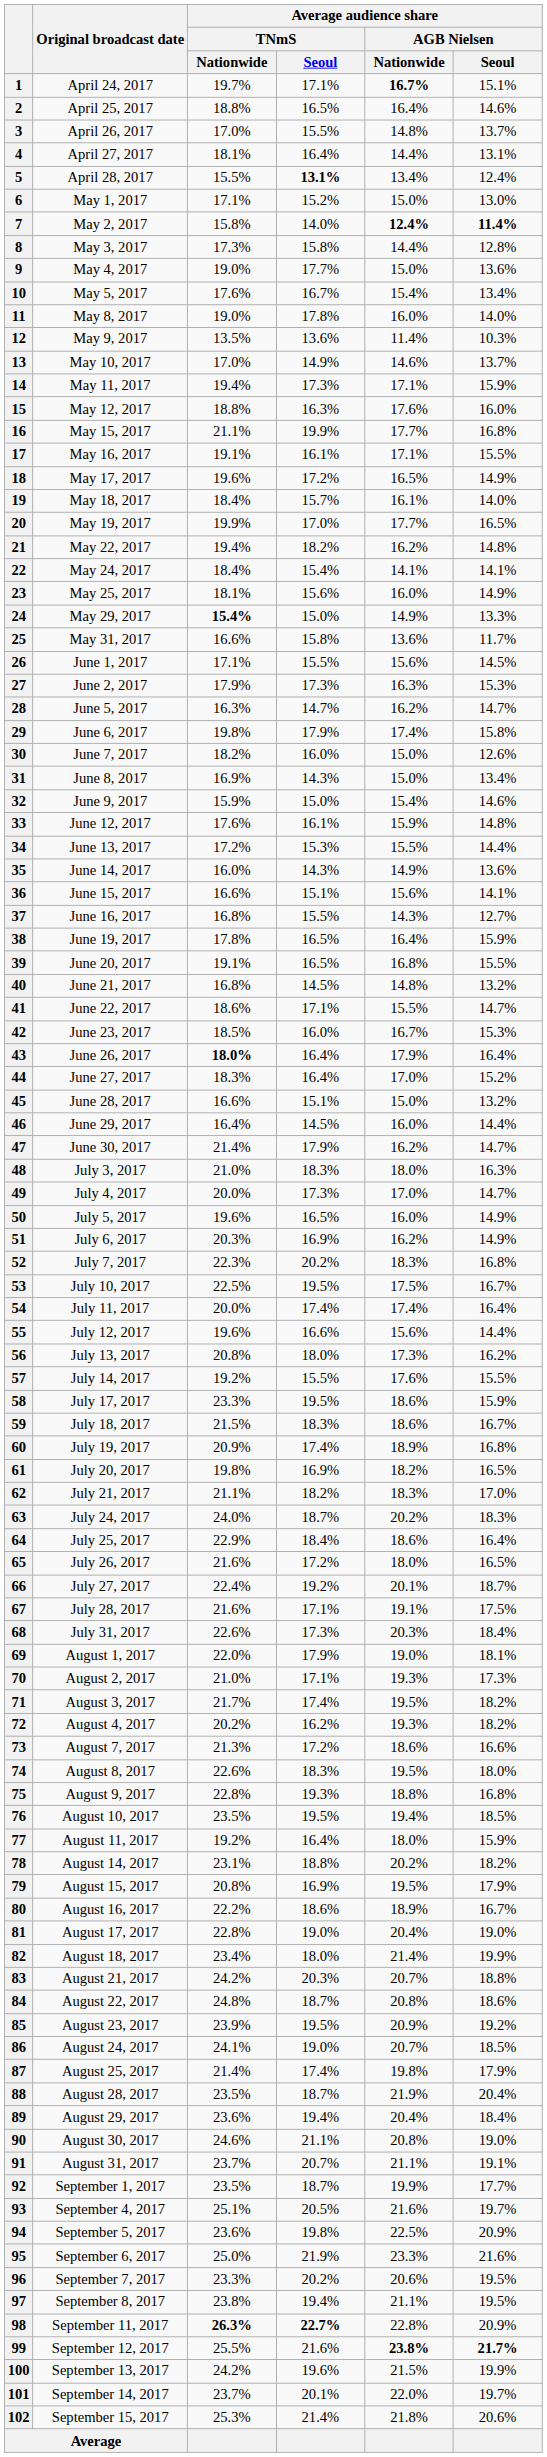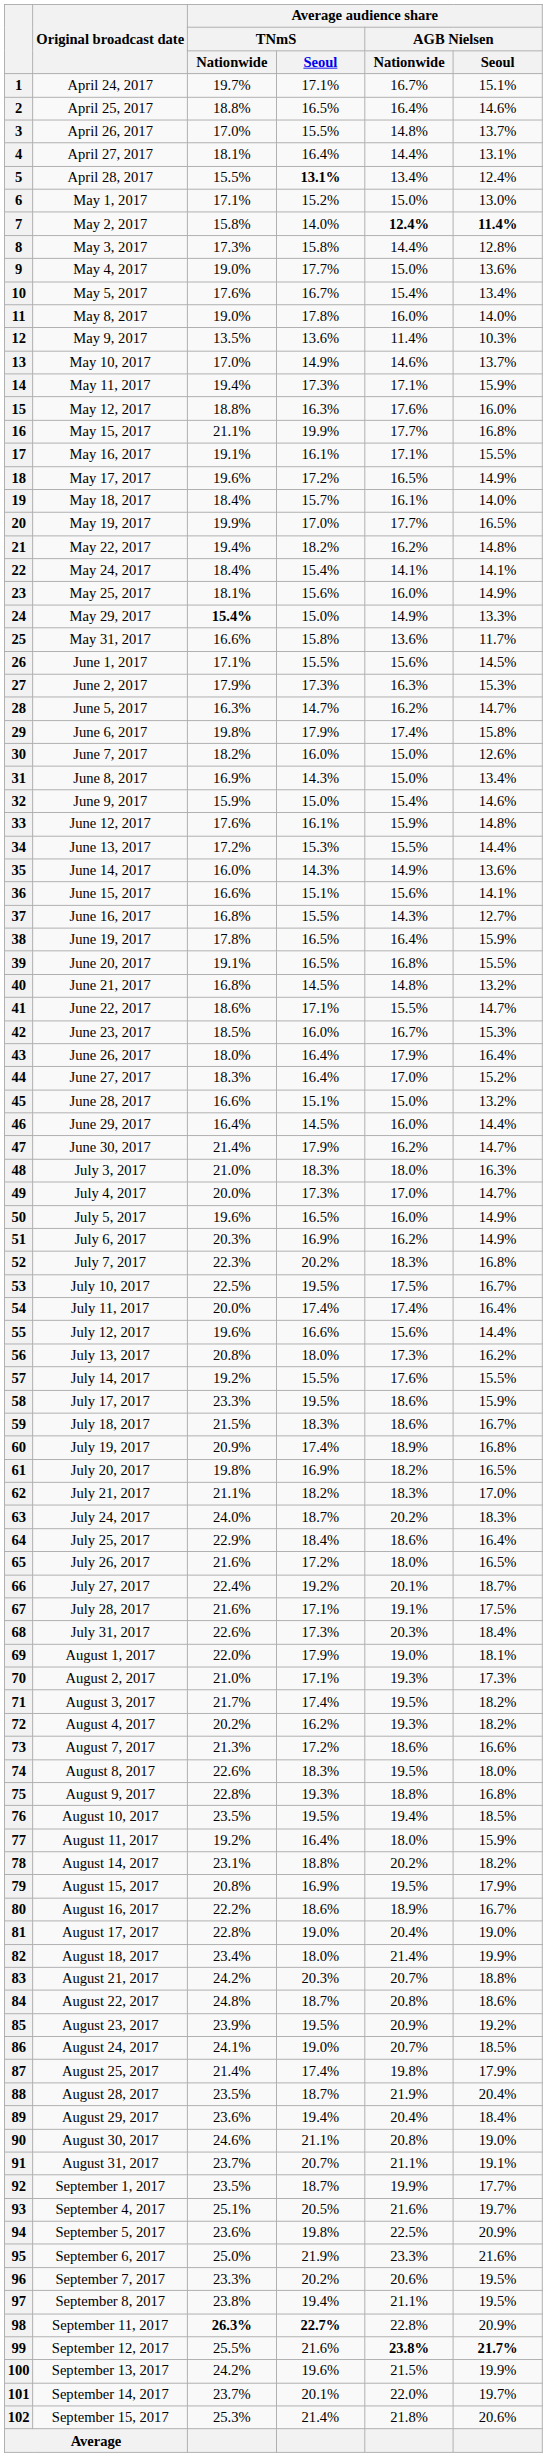 <table class="wikitable" style="text-align:center">
 <tr>
 <th rowspan="3"></th>
 <th rowspan="3">Original broadcast date</th>
 <th colspan="4">Average audience share</th>
 </tr>
 <tr>
 <th colspan="2">TNmS</th>
 <th colspan="2">AGB Nielsen</th>
 </tr>
 <tr>
 <th width=90>Nationwide</th>
 <th width=90><a href='#'>Seoul</a></th>
 <th width=90>Nationwide</th>
 <th width=90>Seoul</th>
 </tr>
 <tr>
 <th>1</th>
 <td>April 24, 2017</td>
 <td>19.7% </td>
 <td>17.1% </td>
-<td><strong>16.7% </strong></td>
+<td>16.7% </td>
 <td>15.1% </td>
 </tr>
 <tr>
 <th>2</th>
 <td>April 25, 2017</td>
 <td>18.8% </td>
 <td>16.5% </td>
 <td>16.4% </td>
 <td>14.6% </td>
 </tr>
 <tr>
 <th>3</th>
 <td>April 26, 2017</td>
 <td>17.0% </td>
 <td>15.5% </td>
 <td>14.8% </td>
 <td>13.7% </td>
 </tr>
 <tr>
 <th>4</th>
 <td>April 27, 2017</td>
 <td>18.1% </td>
 <td>16.4% </td>
 <td>14.4% </td>
 <td>13.1% </td>
 </tr>
 <tr>
 <th>5</th>
 <td>April 28, 2017</td>
 <td>15.5% </td>
 <td><strong><span>13.1%</span></strong> </td>
 <td>13.4% </td>
 <td>12.4% </td>
 </tr>
 <tr>
 <th>6</th>
 <td>May 1, 2017</td>
 <td>17.1% </td>
 <td>15.2% </td>
 <td>15.0% </td>
 <td>13.0% </td>
 </tr>
 <tr>
 <th>7</th>
 <td>May 2, 2017</td>
 <td>15.8% </td>
 <td>14.0% </td>
 <td><strong><span>12.4%</span></strong> </td>
 <td><strong><span>11.4%</span></strong> </td>
 </tr>
 <tr>
 <th>8</th>
 <td>May 3, 2017</td>
 <td>17.3% </td>
 <td>15.8% </td>
 <td>14.4% </td>
 <td>12.8% </td>
 </tr>
 <tr>
 <th>9</th>
 <td>May 4, 2017</td>
 <td>19.0% </td>
 <td>17.7% </td>
 <td>15.0% </td>
 <td>13.6% </td>
 </tr>
 <tr>
 <th>10</th>
 <td>May 5, 2017</td>
 <td>17.6% </td>
 <td>16.7% </td>
 <td>15.4% </td>
 <td>13.4% </td>
 </tr>
 <tr>
 <th>11</th>
 <td>May 8, 2017</td>
 <td>19.0% </td>
 <td>17.8% </td>
 <td>16.0% </td>
 <td>14.0% </td>
 </tr>
 <tr>
 <th>12</th>
 <td>May 9, 2017</td>
 <td>13.5% </td>
 <td>13.6% </td>
 <td>11.4% </td>
 <td>10.3% </td>
 </tr>
 <tr>
 <th>13</th>
 <td>May 10, 2017</td>
 <td>17.0% </td>
 <td>14.9% </td>
 <td>14.6% </td>
 <td>13.7% </td>
 </tr>
 <tr>
 <th>14</th>
 <td>May 11, 2017</td>
 <td>19.4% </td>
 <td>17.3% </td>
 <td>17.1% </td>
 <td>15.9% </td>
 </tr>
 <tr>
 <th>15</th>
 <td>May 12, 2017</td>
 <td>18.8% </td>
 <td>16.3% </td>
 <td>17.6% </td>
 <td>16.0% </td>
 </tr>
 <tr>
 <th>16</th>
 <td>May 15, 2017</td>
 <td>21.1% </td>
 <td>19.9% </td>
 <td>17.7% </td>
 <td>16.8% </td>
 </tr>
 <tr>
 <th>17</th>
 <td>May 16, 2017</td>
 <td>19.1% </td>
 <td>16.1% </td>
 <td>17.1% </td>
 <td>15.5% </td>
 </tr>
 <tr>
 <th>18</th>
 <td>May 17, 2017</td>
 <td>19.6% </td>
 <td>17.2% </td>
 <td>16.5% </td>
 <td>14.9% </td>
 </tr>
 <tr>
 <th>19</th>
 <td>May 18, 2017</td>
 <td>18.4% </td>
 <td>15.7% </td>
 <td>16.1% </td>
 <td>14.0% </td>
 </tr>
 <tr>
 <th>20</th>
 <td>May 19, 2017</td>
 <td>19.9% </td>
 <td>17.0% </td>
 <td>17.7% </td>
 <td>16.5% </td>
 </tr>
 <tr>
 <th>21</th>
 <td>May 22, 2017</td>
 <td>19.4% </td>
 <td>18.2% </td>
 <td>16.2% </td>
 <td>14.8% </td>
 </tr>
 <tr>
 <th>22</th>
 <td>May 24, 2017</td>
 <td>18.4% </td>
 <td>15.4% </td>
 <td>14.1% </td>
 <td>14.1% </td>
 </tr>
 <tr>
 <th>23</th>
 <td>May 25, 2017</td>
 <td>18.1% </td>
 <td>15.6% </td>
 <td>16.0% </td>
 <td>14.9% </td>
 </tr>
 <tr>
 <th>24</th>
 <td>May 29, 2017</td>
 <td><strong><span>15.4%</span></strong> </td>
 <td>15.0% </td>
 <td>14.9% </td>
 <td>13.3% </td>
 </tr>
 <tr>
 <th>25</th>
 <td>May 31, 2017</td>
 <td>16.6% </td>
 <td>15.8% </td>
 <td>13.6% </td>
 <td>11.7% </td>
 </tr>
 <tr>
 <th>26</th>
 <td>June 1, 2017</td>
 <td>17.1% </td>
 <td>15.5% </td>
 <td>15.6% </td>
 <td>14.5% </td>
 </tr>
 <tr>
 <th>27</th>
 <td>June 2, 2017</td>
 <td>17.9% </td>
 <td>17.3% </td>
 <td>16.3% </td>
 <td>15.3% </td>
 </tr>
 <tr>
 <th>28</th>
 <td>June 5, 2017</td>
 <td>16.3% </td>
 <td>14.7% </td>
 <td>16.2% </td>
 <td>14.7% </td>
 </tr>
 <tr>
 <th>29</th>
 <td>June 6, 2017</td>
 <td>19.8% </td>
 <td>17.9% </td>
 <td>17.4% </td>
 <td>15.8% </td>
 </tr>
 <tr>
 <th>30</th>
 <td>June 7, 2017</td>
 <td>18.2% </td>
 <td>16.0% </td>
 <td>15.0% </td>
 <td>12.6% </td>
 </tr>
 <tr>
 <th>31</th>
 <td>June 8, 2017</td>
 <td>16.9% </td>
 <td>14.3% </td>
 <td>15.0% </td>
 <td>13.4% </td>
 </tr>
 <tr>
 <th>32</th>
 <td>June 9, 2017</td>
 <td>15.9% </td>
 <td>15.0% </td>
 <td>15.4% </td>
 <td>14.6% </td>
 </tr>
 <tr>
 <th>33</th>
 <td>June 12, 2017</td>
 <td>17.6% </td>
 <td>16.1% </td>
 <td>15.9% </td>
 <td>14.8% </td>
 </tr>
 <tr>
 <th>34</th>
 <td>June 13, 2017</td>
 <td>17.2% </td>
 <td>15.3% </td>
 <td>15.5% </td>
 <td>14.4% </td>
 </tr>
 <tr>
 <th>35</th>
 <td>June 14, 2017</td>
 <td>16.0% </td>
 <td>14.3% </td>
 <td>14.9% </td>
 <td>13.6% </td>
 </tr>
 <tr>
 <th>36</th>
 <td>June 15, 2017</td>
 <td>16.6% </td>
 <td>15.1% </td>
 <td>15.6% </td>
 <td>14.1% </td>
 </tr>
 <tr>
 <th>37</th>
 <td>June 16, 2017</td>
 <td>16.8% </td>
 <td>15.5% </td>
 <td>14.3% </td>
 <td>12.7% </td>
 </tr>
 <tr>
 <th>38</th>
 <td>June 19, 2017</td>
 <td>17.8% </td>
 <td>16.5% </td>
 <td>16.4% </td>
 <td>15.9% </td>
 </tr>
 <tr>
 <th>39</th>
 <td>June 20, 2017</td>
 <td>19.1% </td>
 <td>16.5% </td>
 <td>16.8% </td>
 <td>15.5% </td>
 </tr>
 <tr>
 <th>40</th>
 <td>June 21, 2017</td>
 <td>16.8% </td>
 <td>14.5% </td>
 <td>14.8% </td>
 <td>13.2% </td>
 </tr>
 <tr>
 <th>41</th>
 <td>June 22, 2017</td>
 <td>18.6% </td>
 <td>17.1% </td>
 <td>15.5% </td>
 <td>14.7% </td>
 </tr>
 <tr>
 <th>42</th>
 <td>June 23, 2017</td>
 <td>18.5% </td>
 <td>16.0% </td>
 <td>16.7% </td>
 <td>15.3% </td>
 </tr>
 <tr>
 <th>43</th>
 <td>June 26, 2017</td>
-<td><strong>18.0% </strong></td>
+<td>18.0% </td>
 <td>16.4% </td>
 <td>17.9% </td>
 <td>16.4% </td>
 </tr>
 <tr>
 <th>44</th>
 <td>June 27, 2017</td>
 <td>18.3% </td>
 <td>16.4% </td>
 <td>17.0% </td>
 <td>15.2% </td>
 </tr>
 <tr>
 <th>45</th>
 <td>June 28, 2017</td>
 <td>16.6% </td>
 <td>15.1% </td>
 <td>15.0% </td>
 <td>13.2% </td>
 </tr>
 <tr>
 <th>46</th>
 <td>June 29, 2017</td>
 <td>16.4% </td>
 <td>14.5% </td>
 <td>16.0% </td>
 <td>14.4% </td>
 </tr>
 <tr>
 <th>47</th>
 <td>June 30, 2017</td>
 <td>21.4% </td>
 <td>17.9% </td>
 <td>16.2% </td>
 <td>14.7% </td>
 </tr>
 <tr>
 <th>48</th>
 <td>July 3, 2017</td>
 <td>21.0% </td>
 <td>18.3% </td>
 <td>18.0% </td>
 <td>16.3% </td>
 </tr>
 <tr>
 <th>49</th>
 <td>July 4, 2017</td>
 <td>20.0% </td>
 <td>17.3% </td>
 <td>17.0% </td>
 <td>14.7% </td>
 </tr>
 <tr>
 <th>50</th>
 <td>July 5, 2017</td>
 <td>19.6% </td>
 <td>16.5% </td>
 <td>16.0% </td>
 <td>14.9% </td>
 </tr>
 <tr>
 <th>51</th>
 <td>July 6, 2017</td>
 <td>20.3% </td>
 <td>16.9% </td>
 <td>16.2% </td>
 <td>14.9% </td>
 </tr>
 <tr>
 <th>52</th>
 <td>July 7, 2017</td>
 <td>22.3% </td>
 <td>20.2% </td>
 <td>18.3% </td>
 <td>16.8% </td>
 </tr>
 <tr>
 <th>53</th>
 <td>July 10, 2017</td>
 <td>22.5% </td>
 <td>19.5% </td>
 <td>17.5% </td>
 <td>16.7% </td>
 </tr>
 <tr>
 <th>54</th>
 <td>July 11, 2017</td>
 <td>20.0% </td>
 <td>17.4% </td>
 <td>17.4% </td>
 <td>16.4% </td>
 </tr>
 <tr>
 <th>55</th>
 <td>July 12, 2017</td>
 <td>19.6% </td>
 <td>16.6% </td>
 <td>15.6% </td>
 <td>14.4% </td>
 </tr>
 <tr>
 <th>56</th>
 <td>July 13, 2017</td>
 <td>20.8% </td>
 <td>18.0% </td>
 <td>17.3% </td>
 <td>16.2% </td>
 </tr>
 <tr>
 <th>57</th>
 <td>July 14, 2017</td>
 <td>19.2% </td>
 <td>15.5% </td>
 <td>17.6% </td>
 <td>15.5% </td>
 </tr>
 <tr>
 <th>58</th>
 <td>July 17, 2017</td>
 <td>23.3% </td>
 <td>19.5% </td>
 <td>18.6% </td>
 <td>15.9% </td>
 </tr>
 <tr>
 <th>59</th>
 <td>July 18, 2017</td>
 <td>21.5% </td>
 <td>18.3% </td>
 <td>18.6% </td>
 <td>16.7% </td>
 </tr>
 <tr>
 <th>60</th>
 <td>July 19, 2017</td>
 <td>20.9% </td>
 <td>17.4% </td>
 <td>18.9% </td>
 <td>16.8% </td>
 </tr>
 <tr>
 <th>61</th>
 <td>July 20, 2017</td>
 <td>19.8% </td>
 <td>16.9% </td>
 <td>18.2% </td>
 <td>16.5% </td>
 </tr>
 <tr>
 <th>62</th>
 <td>July 21, 2017</td>
 <td>21.1% </td>
 <td>18.2% </td>
 <td>18.3% </td>
 <td>17.0% </td>
 </tr>
 <tr>
 <th>63</th>
 <td>July 24, 2017</td>
 <td>24.0% </td>
 <td>18.7% </td>
 <td>20.2% </td>
 <td>18.3% </td>
 </tr>
 <tr>
 <th>64</th>
 <td>July 25, 2017</td>
 <td>22.9% </td>
 <td>18.4% </td>
 <td>18.6% </td>
 <td>16.4% </td>
 </tr>
 <tr>
 <th>65</th>
 <td>July 26, 2017</td>
 <td>21.6% </td>
 <td>17.2% </td>
 <td>18.0% </td>
 <td>16.5% </td>
 </tr>
 <tr>
 <th>66</th>
 <td>July 27, 2017</td>
 <td>22.4% </td>
 <td>19.2% </td>
 <td>20.1% </td>
 <td>18.7% </td>
 </tr>
 <tr>
 <th>67</th>
 <td>July 28, 2017</td>
 <td>21.6% </td>
 <td>17.1% </td>
 <td>19.1% </td>
 <td>17.5% </td>
 </tr>
 <tr>
 <th>68</th>
 <td>July 31, 2017</td>
 <td>22.6% </td>
 <td>17.3% </td>
 <td>20.3% </td>
 <td>18.4% </td>
 </tr>
 <tr>
 <th>69</th>
 <td>August 1, 2017</td>
 <td>22.0% </td>
 <td>17.9% </td>
 <td>19.0% </td>
 <td>18.1% </td>
 </tr>
 <tr>
 <th>70</th>
 <td>August 2, 2017</td>
 <td>21.0% </td>
 <td>17.1% </td>
 <td>19.3% </td>
 <td>17.3% </td>
 </tr>
 <tr>
 <th>71</th>
 <td>August 3, 2017</td>
 <td>21.7% </td>
 <td>17.4% </td>
 <td>19.5% </td>
 <td>18.2% </td>
 </tr>
 <tr>
 <th>72</th>
 <td>August 4, 2017</td>
 <td>20.2% </td>
 <td>16.2% </td>
 <td>19.3% </td>
 <td>18.2% </td>
 </tr>
 <tr>
 <th>73</th>
 <td>August 7, 2017</td>
 <td>21.3% </td>
 <td>17.2% </td>
 <td>18.6% </td>
 <td>16.6% </td>
 </tr>
 <tr>
 <th>74</th>
 <td>August 8, 2017</td>
 <td>22.6% </td>
 <td>18.3% </td>
 <td>19.5% </td>
 <td>18.0% </td>
 </tr>
 <tr>
 <th>75</th>
 <td>August 9, 2017</td>
 <td>22.8% </td>
 <td>19.3% </td>
 <td>18.8% </td>
 <td>16.8% </td>
 </tr>
 <tr>
 <th>76</th>
 <td>August 10, 2017</td>
 <td>23.5% </td>
 <td>19.5% </td>
 <td>19.4% </td>
 <td>18.5% </td>
 </tr>
 <tr>
 <th>77</th>
 <td>August 11, 2017</td>
 <td>19.2% </td>
 <td>16.4% </td>
 <td>18.0% </td>
 <td>15.9% </td>
 </tr>
 <tr>
 <th>78</th>
 <td>August 14, 2017</td>
 <td>23.1% </td>
 <td>18.8% </td>
 <td>20.2% </td>
 <td>18.2% </td>
 </tr>
 <tr>
 <th>79</th>
 <td>August 15, 2017</td>
 <td>20.8% </td>
 <td>16.9% </td>
 <td>19.5% </td>
 <td>17.9% </td>
 </tr>
 <tr>
 <th>80</th>
 <td>August 16, 2017</td>
 <td>22.2% </td>
 <td>18.6% </td>
 <td>18.9% </td>
 <td>16.7% </td>
 </tr>
 <tr>
 <th>81</th>
 <td>August 17, 2017</td>
 <td>22.8% </td>
 <td>19.0% </td>
 <td>20.4% </td>
 <td>19.0% </td>
 </tr>
 <tr>
 <th>82</th>
 <td>August 18, 2017</td>
 <td>23.4% </td>
 <td>18.0% </td>
 <td>21.4% </td>
 <td>19.9% </td>
 </tr>
 <tr>
 <th>83</th>
 <td>August 21, 2017</td>
 <td>24.2% </td>
 <td>20.3% </td>
 <td>20.7% </td>
 <td>18.8% </td>
 </tr>
 <tr>
 <th>84</th>
 <td>August 22, 2017</td>
 <td>24.8% </td>
 <td>18.7% </td>
 <td>20.8% </td>
 <td>18.6% </td>
 </tr>
 <tr>
 <th>85</th>
 <td>August 23, 2017</td>
 <td>23.9% </td>
 <td>19.5% </td>
 <td>20.9% </td>
 <td>19.2% </td>
 </tr>
 <tr>
 <th>86</th>
 <td>August 24, 2017</td>
 <td>24.1% </td>
 <td>19.0% </td>
 <td>20.7% </td>
 <td>18.5% </td>
 </tr>
 <tr>
 <th>87</th>
 <td>August 25, 2017</td>
 <td>21.4% </td>
 <td>17.4% </td>
 <td>19.8% </td>
 <td>17.9% </td>
 </tr>
 <tr>
 <th>88</th>
 <td>August 28, 2017</td>
 <td>23.5% </td>
 <td>18.7% </td>
 <td>21.9% </td>
 <td>20.4% </td>
 </tr>
 <tr>
 <th>89</th>
 <td>August 29, 2017</td>
 <td>23.6% </td>
 <td>19.4% </td>
 <td>20.4% </td>
 <td>18.4% </td>
 </tr>
 <tr>
 <th>90</th>
 <td>August 30, 2017</td>
 <td>24.6% </td>
 <td>21.1% </td>
 <td>20.8% </td>
 <td>19.0% </td>
 </tr>
 <tr>
 <th>91</th>
 <td>August 31, 2017</td>
 <td>23.7% </td>
 <td>20.7% </td>
 <td>21.1% </td>
 <td>19.1% </td>
 </tr>
 <tr>
 <th>92</th>
 <td>September 1, 2017</td>
 <td>23.5% </td>
 <td>18.7% </td>
 <td>19.9% </td>
 <td>17.7% </td>
 </tr>
 <tr>
 <th>93</th>
 <td>September 4, 2017</td>
 <td>25.1% </td>
 <td>20.5% </td>
 <td>21.6% </td>
 <td>19.7% </td>
 </tr>
 <tr>
 <th>94</th>
 <td>September 5, 2017</td>
 <td>23.6% </td>
 <td>19.8% </td>
 <td>22.5% </td>
 <td>20.9% </td>
 </tr>
 <tr>
 <th>95</th>
 <td>September 6, 2017</td>
 <td>25.0% </td>
 <td>21.9% </td>
 <td>23.3% </td>
 <td>21.6% </td>
 </tr>
 <tr>
 <th>96</th>
 <td>September 7, 2017</td>
 <td>23.3% </td>
 <td>20.2% </td>
 <td>20.6% </td>
 <td>19.5% </td>
 </tr>
 <tr>
 <th>97</th>
 <td>September 8, 2017</td>
 <td>23.8% </td>
 <td>19.4% </td>
 <td>21.1% </td>
 <td>19.5% </td>
 </tr>
 <tr>
 <th>98</th>
 <td>September 11, 2017</td>
 <td><strong><span>26.3%</span></strong> </td>
 <td><strong><span>22.7%</span></strong> </td>
 <td>22.8% </td>
 <td>20.9% </td>
 </tr>
 <tr>
 <th>99</th>
 <td>September 12, 2017</td>
 <td>25.5% </td>
 <td>21.6% </td>
 <td><strong><span>23.8%</span></strong> </td>
 <td><strong><span>21.7%</span></strong> </td>
 </tr>
 <tr>
 <th>100</th>
 <td>September 13, 2017</td>
 <td>24.2% </td>
 <td>19.6% </td>
 <td>21.5% </td>
 <td>19.9% </td>
 </tr>
 <tr>
 <th>101</th>
 <td>September 14, 2017</td>
 <td>23.7% </td>
 <td>20.1% </td>
 <td>22.0% </td>
 <td>19.7% </td>
 </tr>
 <tr>
 <th>102</th>
 <td>September 15, 2017</td>
 <td>25.3% </td>
 <td>21.4% </td>
 <td>21.8% </td>
 <td>20.6% </td>
 </tr>
 <tr>
 <th colspan="2">Average</th>
 <th></th>
 <th></th>
 <th></th>
 <th></th>
 </tr>
 </table>
